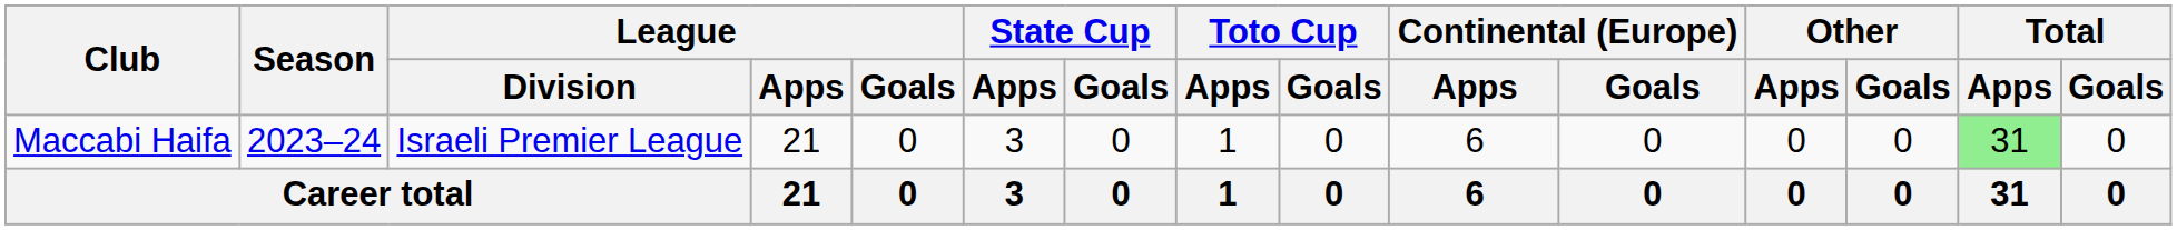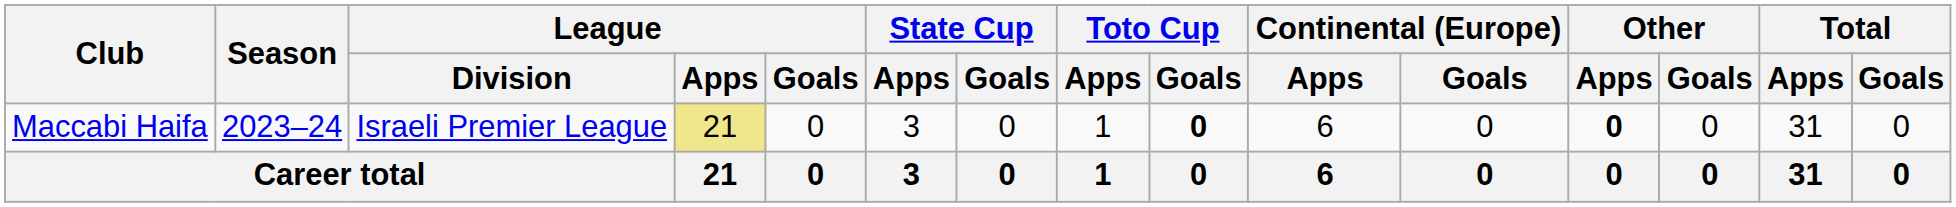 <table class="wikitable" style="text-align: center">
 <tr>
 <th rowspan="2">Club</th>
 <th rowspan="2">Season</th>
 <th colspan="3">League</th>
 <th colspan="2"><a href='#'>State Cup</a></th>
 <th colspan="2"><a href='#'>Toto Cup</a></th>
 <th colspan="2">Continental (Europe)</th>
 <th colspan="2">Other</th>
 <th colspan="2">Total</th>
 </tr>
 <tr>
 <th>Division</th>
 <th>Apps</th>
 <th>Goals</th>
 <th>Apps</th>
 <th>Goals</th>
 <th>Apps</th>
 <th>Goals</th>
 <th>Apps</th>
 <th>Goals</th>
 <th>Apps</th>
 <th>Goals</th>
 <th>Apps</th>
 <th>Goals</th>
 </tr>
 <tr>
 <td rowspan="1"><a href='#'>Maccabi Haifa</a></td>
 <td><a href='#'>2023–24</a></td>
 <td><a href='#'>Israeli Premier League</a></td>
-<td>21</td>
+<td style="background: khaki;">21</td>
 <td>0</td>
 <td>3</td>
 <td>0</td>
 <td>1</td>
-<td>0</td>
+<td><strong>0</strong></td>
 <td>6</td>
 <td>0</td>
+<td><strong>0</strong></td>
 <td>0</td>
-<td>0</td>
-<td style="background: lightgreen;">31</td>
+<td>31</td>
 <td>0</td>
 </tr>
 <tr>
 <th colspan="3">Career total</th>
 <th>21</th>
 <th>0</th>
 <th>3</th>
 <th>0</th>
 <th>1</th>
 <th>0</th>
 <th>6</th>
 <th>0</th>
 <th>0</th>
 <th>0</th>
 <th>31</th>
 <th>0</th>
 </tr>
 </table>
